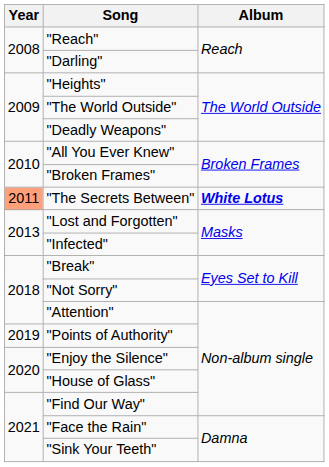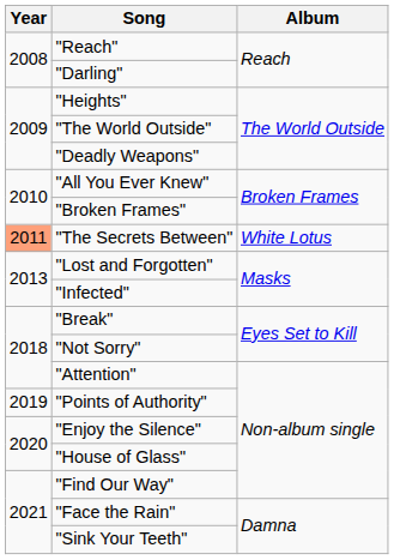 <table class="wikitable">
 <tr>
 <th rowspan="1">Year</th>
 <th rowspan="1">Song</th>
 <th rowspan="1">Album</th>
 </tr>
 <tr>
 <td align="center" rowspan="2">2008</td>
 <td align="left">"Reach"</td>
 <td rowspan="2"><em>Reach</em></td>
 </tr>
 <tr>
 <td align="left">"Darling"</td>
 </tr>
 <tr>
 <td align="center" rowspan="3">2009</td>
 <td align="left">"Heights"</td>
 <td rowspan="3"><em><a href='#'>The World Outside</a></em></td>
 </tr>
 <tr>
 <td align="left">"The World Outside"</td>
 </tr>
 <tr>
 <td align="left">"Deadly Weapons"<br></td>
 </tr>
 <tr>
 <td align="center" rowspan="2">2010</td>
 <td align="left">"All You Ever Knew"</td>
 <td rowspan="2"><em><a href='#'>Broken Frames</a></em></td>
 </tr>
 <tr>
 <td align="left">"Broken Frames"</td>
 </tr>
 <tr>
 <td align="center" style="background: lightsalmon;">2011</td>
 <td align="left">"The Secrets Between"</td>
-<td><strong><em><a href='#'>White Lotus</a></em></strong></td>
+<td><em><a href='#'>White Lotus</a></em></td>
 </tr>
 <tr>
 <td align="center" rowspan="2">2013</td>
 <td align="left">"Lost and Forgotten"</td>
 <td rowspan="2"><em><a href='#'>Masks</a></em></td>
 </tr>
 <tr>
 <td align="left">"Infected"</td>
 </tr>
 <tr>
 <td align="center" rowspan="3">2018</td>
 <td align="left">"Break"</td>
 <td rowspan="2"><em><a href='#'>Eyes Set to Kill</a></em></td>
 </tr>
 <tr>
 <td align="left">"Not Sorry"</td>
 </tr>
 <tr>
 <td align="left">"Attention"</td>
 <td rowspan="5"><em>Non-album single</em></td>
 </tr>
 <tr>
 <td align="center">2019</td>
 <td align="left">"Points of Authority"<br></td>
 </tr>
 <tr>
 <td align="center"rowspan="2">2020</td>
 <td align="left">"Enjoy the Silence"<br></td>
 </tr>
 <tr>
 <td align="left">"House of Glass"</td>
 </tr>
 <tr>
 <td align="center"rowspan="3">2021</td>
 <td align="left">"Find Our Way"</td>
 </tr>
 <tr>
 <td align="left">"Face the Rain"<br></td>
 <td rowspan="2"><em>Damna</em></td>
 </tr>
 <tr>
 <td align="left">"Sink Your Teeth"<br></td>
 </tr>
 </table>
